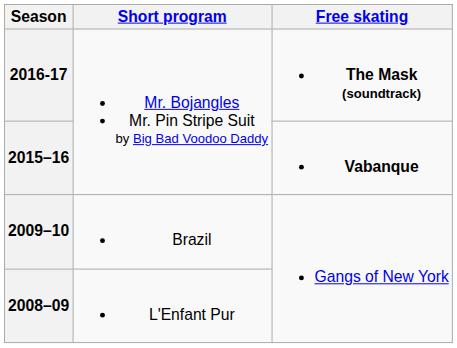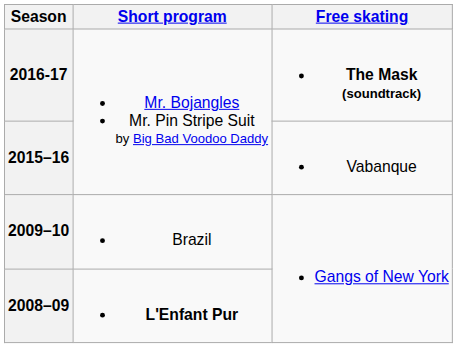 <table class=wikitable style=text-align:center>
 <tr>
 <th>Season</th>
 <th><a href='#'>Short program</a></th>
 <th><a href='#'>Free skating</a></th>
 </tr>
 <tr>
 <th>2016-17<br></th>
 <td rowspan=2><br><ul><li><a href='#'>Mr. Bojangles</a> <br></li><li>Mr. Pin Stripe Suit<br><small>by <a href='#'>Big Bad Voodoo Daddy</a></small></li></ul></td>
 <td><strong><br><ul><li>The Mask<br><small>(soundtrack)</small></li></ul></strong></td>
 </tr>
 <tr>
 <th>2015–16 <br> </th>
-<td><strong><br><ul><li>Vabanque <br></li></ul></strong></td>
+<td><br><ul><li>Vabanque <br></li></ul></td>
 </tr>
 <tr>
 <th>2009–10 <br> </th>
 <td><br><ul><li>Brazil <br></li></ul></td>
 <td rowspan=2><br><ul><li><a href='#'>Gangs of New York</a> <br></li></ul></td>
 </tr>
 <tr>
 <th>2008–09 <br> </th>
-<td><br><ul><li>L'Enfant Pur <br></li></ul></td>
+<td><strong><br><ul><li>L'Enfant Pur <br></li></ul></strong></td>
 </tr>
 </table>
